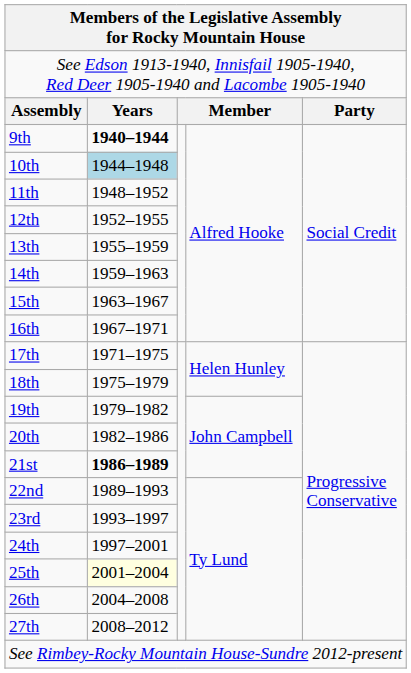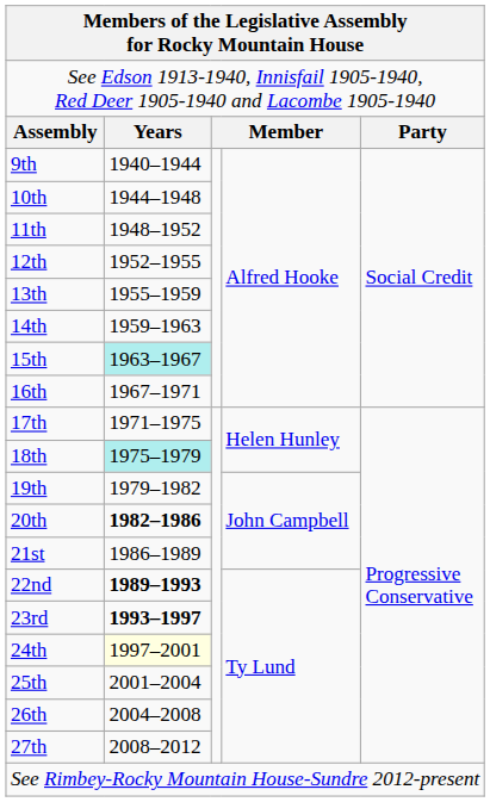 <table class="wikitable collapsible" align=right>
 <tr>
 <th colspan=5>Members of the Legislative Assembly<br>for Rocky Mountain House</th>
 </tr>
 <tr>
 <td align="center" colspan=5><em>See <a href='#'>Edson</a> 1913-1940, <a href='#'>Innisfail</a> 1905-1940,<br><a href='#'>Red Deer</a> 1905-1940 and <a href='#'>Lacombe</a> 1905-1940</em></td>
 </tr>
 <tr>
 <th>Assembly</th>
 <th>Years</th>
 <th colspan="2">Member</th>
 <th>Party</th>
 </tr>
 <tr>
 <td><a href='#'>9th</a></td>
-<td><strong>1940–1944</strong></td>
+<td>1940–1944</td>
 <td rowspan=8 ></td>
 <td rowspan=8><a href='#'>Alfred Hooke</a></td>
 <td rowspan=8><a href='#'>Social Credit</a></td>
 </tr>
 <tr>
 <td><a href='#'>10th</a></td>
-<td style="background: lightblue;">1944–1948</td>
+<td>1944–1948</td>
 </tr>
 <tr>
 <td><a href='#'>11th</a></td>
 <td>1948–1952</td>
 </tr>
 <tr>
 <td><a href='#'>12th</a></td>
 <td>1952–1955</td>
 </tr>
 <tr>
 <td><a href='#'>13th</a></td>
 <td>1955–1959</td>
 </tr>
 <tr>
 <td><a href='#'>14th</a></td>
 <td>1959–1963</td>
 </tr>
 <tr>
 <td><a href='#'>15th</a></td>
-<td>1963–1967</td>
+<td style="background: paleturquoise;">1963–1967</td>
 </tr>
 <tr>
 <td><a href='#'>16th</a></td>
 <td>1967–1971</td>
 </tr>
 <tr>
 <td><a href='#'>17th</a></td>
 <td>1971–1975</td>
 <td rowspan=11 ></td>
 <td rowspan=2><a href='#'>Helen Hunley</a></td>
 <td rowspan=11><a href='#'>Progressive <br>Conservative</a></td>
 </tr>
 <tr>
 <td><a href='#'>18th</a></td>
-<td>1975–1979</td>
+<td style="background: paleturquoise;">1975–1979</td>
 </tr>
 <tr>
 <td><a href='#'>19th</a></td>
 <td>1979–1982</td>
 <td rowspan=3><a href='#'>John Campbell</a></td>
 </tr>
 <tr>
 <td><a href='#'>20th</a></td>
-<td>1982–1986</td>
+<td><strong>1982–1986</strong></td>
 </tr>
 <tr>
 <td><a href='#'>21st</a></td>
-<td><strong>1986–1989</strong></td>
+<td>1986–1989</td>
 </tr>
 <tr>
 <td><a href='#'>22nd</a></td>
-<td>1989–1993</td>
+<td><strong>1989–1993</strong></td>
 <td rowspan=6><a href='#'>Ty Lund</a></td>
 </tr>
 <tr>
 <td><a href='#'>23rd</a></td>
-<td>1993–1997</td>
+<td><strong>1993–1997</strong></td>
 </tr>
 <tr>
 <td><a href='#'>24th</a></td>
-<td>1997–2001</td>
+<td style="background: lightyellow;">1997–2001</td>
 </tr>
 <tr>
 <td><a href='#'>25th</a></td>
-<td style="background: lightyellow;">2001–2004</td>
+<td>2001–2004</td>
 </tr>
 <tr>
 <td><a href='#'>26th</a></td>
 <td>2004–2008</td>
 </tr>
 <tr>
 <td><a href='#'>27th</a></td>
 <td>2008–2012</td>
 </tr>
 <tr>
 <td colspan=5 align=center><em>See <a href='#'>Rimbey-Rocky Mountain House-Sundre</a> 2012-present</em></td>
 </tr>
 </table>
